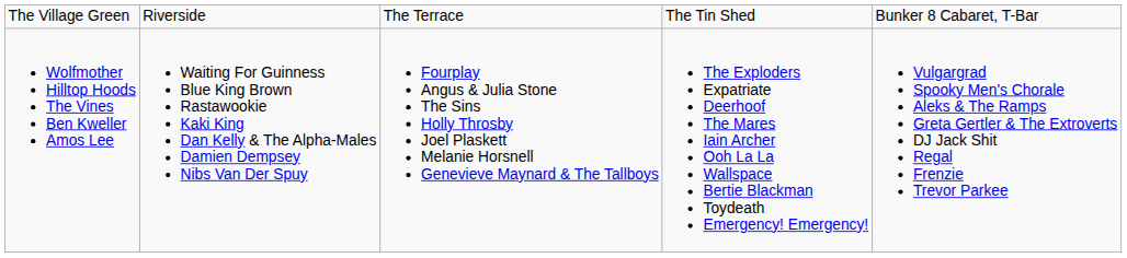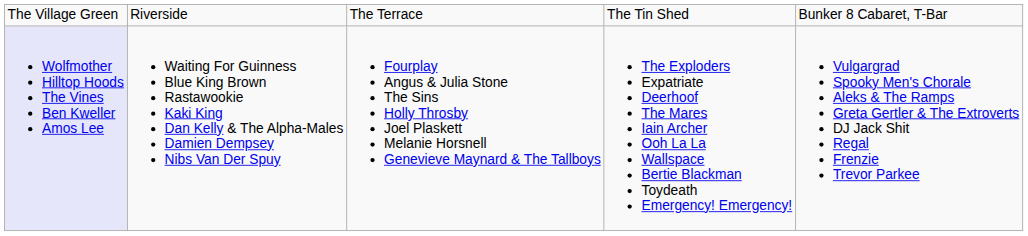 <table class="wikitable">
 <tr>
 <td>The Village Green</td>
 <td>Riverside</td>
 <td>The Terrace</td>
 <td>The Tin Shed</td>
 <td>Bunker 8 Cabaret, T-Bar</td>
 </tr>
 <tr valign="top">
-<td><br><ul><li><a href='#'>Wolfmother</a></li><li><a href='#'>Hilltop Hoods</a></li><li><a href='#'>The Vines</a></li><li><a href='#'>Ben Kweller</a></li><li><a href='#'>Amos Lee</a></li></ul></td>
+<td style="background: lavender;"><br><ul><li><a href='#'>Wolfmother</a></li><li><a href='#'>Hilltop Hoods</a></li><li><a href='#'>The Vines</a></li><li><a href='#'>Ben Kweller</a></li><li><a href='#'>Amos Lee</a></li></ul></td>
 <td><br><ul><li>Waiting For Guinness</li><li>Blue King Brown</li><li>Rastawookie</li><li><a href='#'>Kaki King</a></li><li><a href='#'>Dan Kelly</a> & The Alpha-Males</li><li><a href='#'>Damien Dempsey</a></li><li><a href='#'>Nibs Van Der Spuy</a></li></ul></td>
 <td><br><ul><li><a href='#'>Fourplay</a></li><li>Angus & Julia Stone</li><li>The Sins</li><li><a href='#'>Holly Throsby</a></li><li>Joel Plaskett</li><li>Melanie Horsnell</li><li><a href='#'>Genevieve Maynard & The Tallboys</a></li></ul></td>
 <td><br><ul><li><a href='#'>The Exploders</a></li><li>Expatriate</li><li><a href='#'>Deerhoof</a></li><li><a href='#'>The Mares</a></li><li><a href='#'>Iain Archer</a></li><li><a href='#'>Ooh La La</a></li><li><a href='#'>Wallspace</a></li><li><a href='#'>Bertie Blackman</a></li><li>Toydeath</li><li><a href='#'>Emergency! Emergency!</a></li></ul></td>
 <td><br><ul><li><a href='#'>Vulgargrad</a></li><li><a href='#'>Spooky Men's Chorale</a></li><li><a href='#'>Aleks & The Ramps</a></li><li><a href='#'>Greta Gertler & The Extroverts</a></li><li>DJ Jack Shit</li><li><a href='#'>Regal</a></li><li><a href='#'>Frenzie</a></li><li><a href='#'>Trevor Parkee</a></li></ul></td>
 </tr>
 </table>
